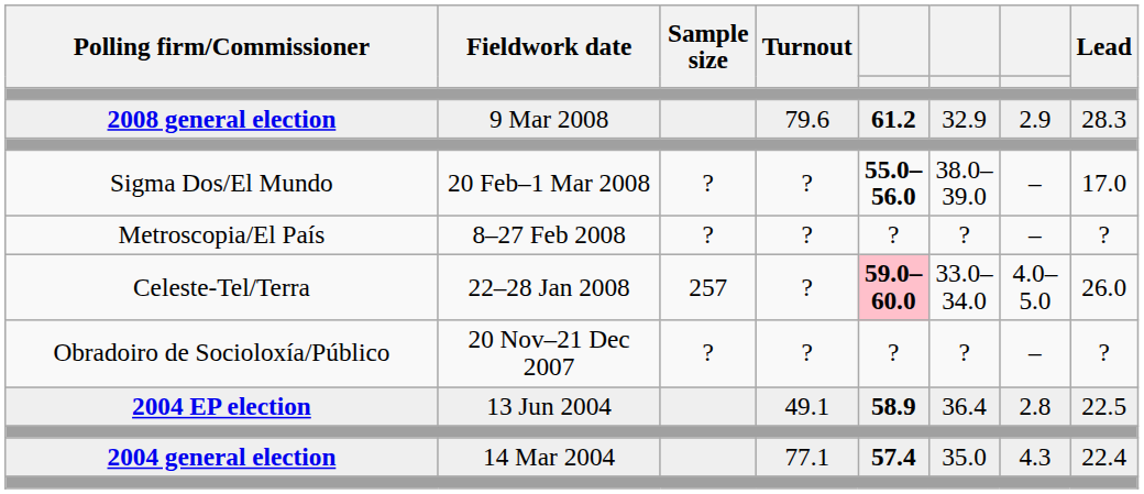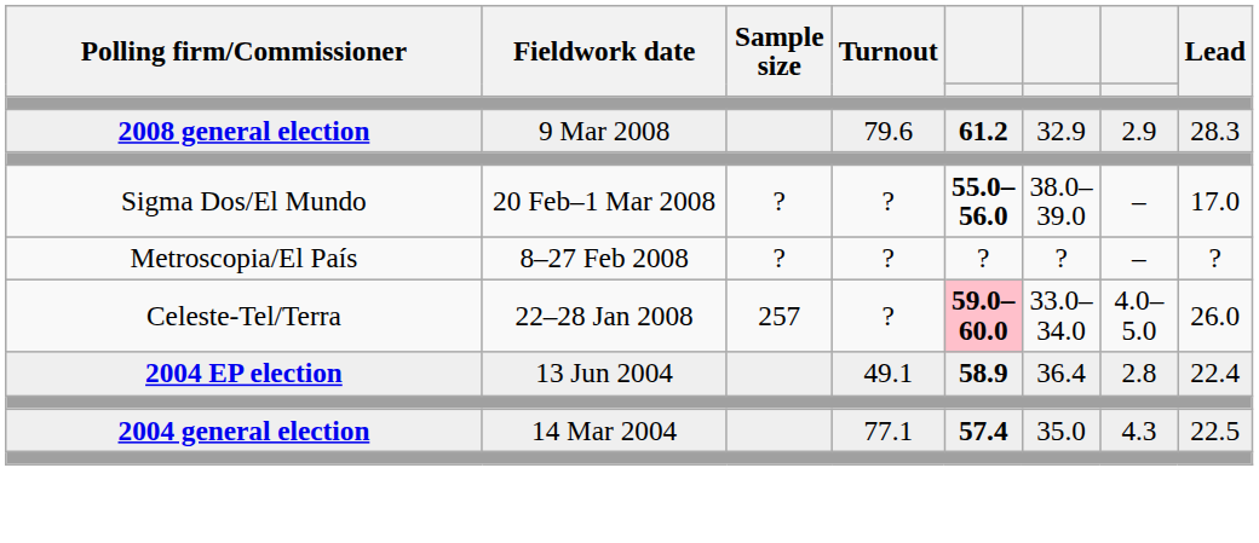 <table class="wikitable collapsible collapsed" style="text-align:center; font-size:95%; line-height:16px;">
 <tr style="height:42px;">
 <th style="width:250px;" rowspan="2">Polling firm/Commissioner</th>
 <th style="width:125px;" rowspan="2">Fieldwork date</th>
 <th style="width:50px;" rowspan="2">Sample size</th>
 <th style="width:45px;" rowspan="2">Turnout</th>
 <th style="width:35px;"></th>
 <th style="width:35px;"></th>
 <th style="width:35px;"></th>
 <th style="width:30px;" rowspan="2">Lead</th>
 </tr>
 <tr>
 <th style="color:inherit;background:"></th>
 <th style="color:inherit;background:"></th>
 <th style="color:inherit;background:"></th>
 </tr>
 <tr>
 <td colspan="8" style="background:#A0A0A0"></td>
 </tr>
 <tr style="background:#EFEFEF;">
 <td><strong><a href='#'>2008 general election</a></strong></td>
 <td>9 Mar 2008</td>
 <td></td>
 <td>79.6</td>
 <td><strong>61.2</strong><br></td>
 <td>32.9<br></td>
 <td>2.9<br></td>
 <td style="background:">28.3</td>
 </tr>
 <tr>
 <td colspan="8" style="background:#A0A0A0"></td>
 </tr>
 <tr>
 <td>Sigma Dos/El Mundo</td>
 <td>20 Feb–1 Mar 2008</td>
 <td>?</td>
 <td>?</td>
 <td><strong>55.0–<br>56.0</strong><br></td>
 <td>38.0–<br>39.0<br></td>
 <td>–</td>
 <td style="background:">17.0</td>
 </tr>
 <tr>
 <td>Metroscopia/El País</td>
 <td>8–27 Feb 2008</td>
 <td>?</td>
 <td>?</td>
 <td>?<br></td>
 <td>?<br></td>
 <td>–</td>
 <td style="background:">?</td>
 </tr>
 <tr>
 <td>Celeste-Tel/Terra</td>
 <td>22–28 Jan 2008</td>
 <td>257</td>
 <td>?</td>
 <td style="background: pink;"><strong>59.0–<br>60.0</strong><br></td>
 <td>33.0–<br>34.0<br></td>
 <td>4.0–<br>5.0<br></td>
 <td style="background:">26.0</td>
 </tr>
-<tr>
-<td>Obradoiro de Socioloxía/Público</td>
-<td>20 Nov–21 Dec 2007</td>
-<td>?</td>
-<td>?</td>
-<td>?<br></td>
-<td>?<br></td>
-<td>–</td>
-<td style="background:">?</td>
-</tr>
 <tr style="background:#EFEFEF;">
 <td><strong><a href='#'>2004 EP election</a></strong></td>
 <td>13 Jun 2004</td>
 <td></td>
 <td>49.1</td>
 <td><strong>58.9</strong><br></td>
 <td>36.4<br></td>
 <td>2.8<br></td>
-<td style="background:">22.5</td>
+<td style="background:">22.4</td>
 </tr>
 <tr>
 <td colspan="8" style="background:#A0A0A0"></td>
 </tr>
 <tr style="background:#EFEFEF;">
 <td><strong><a href='#'>2004 general election</a></strong></td>
 <td>14 Mar 2004</td>
 <td></td>
 <td>77.1</td>
 <td><strong>57.4</strong><br></td>
 <td>35.0<br></td>
 <td>4.3<br></td>
-<td style="background:">22.4</td>
+<td style="background:">22.5</td>
 </tr>
 <tr>
 <td colspan="8" style="background:#A0A0A0"></td>
 </tr>
 </table>
